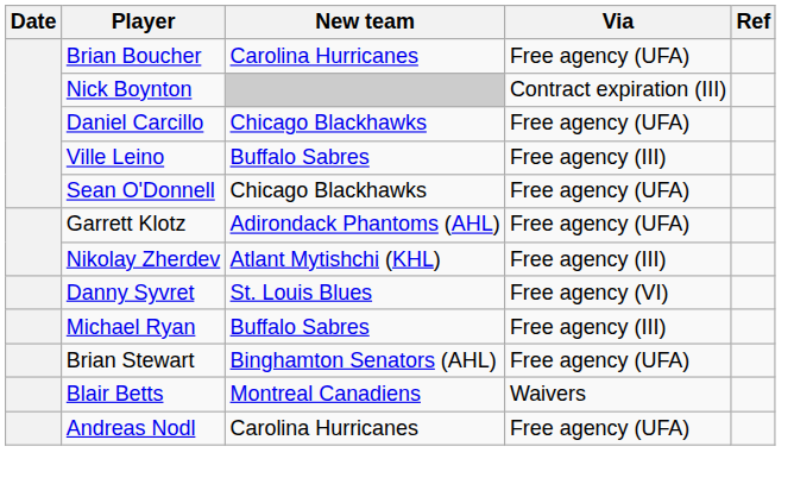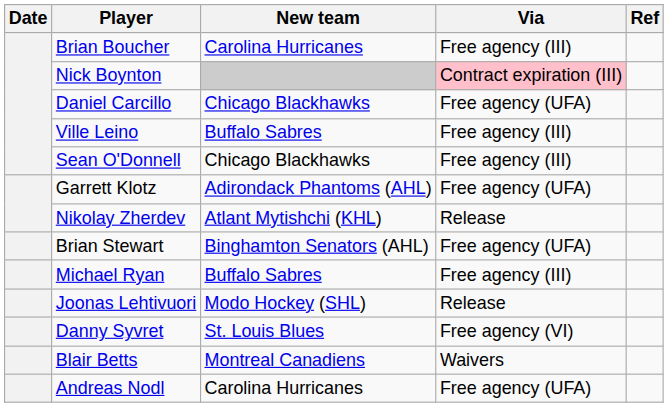 <table class="wikitable plainrowheaders">
 <tr style="background:#ddd; text-align:center;">
 <th>Date</th>
 <th>Player</th>
 <th>New team</th>
 <th>Via</th>
 <th>Ref</th>
 </tr>
 <tr>
 <th scope="row" rowspan=5></th>
 <td><a href='#'>Brian Boucher</a></td>
 <td><a href='#'>Carolina Hurricanes</a></td>
-<td>Free agency (UFA)</td>
+<td>Free agency (III)</td>
 <td></td>
 </tr>
 <tr>
 <td><a href='#'>Nick Boynton</a></td>
 <td style="background:#ccc"></td>
-<td>Contract expiration (III)</td>
+<td style="background: pink;">Contract expiration (III)</td>
 <td></td>
 </tr>
 <tr>
 <td><a href='#'>Daniel Carcillo</a></td>
 <td><a href='#'>Chicago Blackhawks</a></td>
 <td>Free agency (UFA)</td>
 <td></td>
 </tr>
 <tr>
 <td><a href='#'>Ville Leino</a></td>
 <td><a href='#'>Buffalo Sabres</a></td>
 <td>Free agency (III)</td>
 <td></td>
 </tr>
 <tr>
 <td><a href='#'>Sean O'Donnell</a></td>
 <td>Chicago Blackhawks</td>
-<td>Free agency (UFA)</td>
+<td>Free agency (III)</td>
 <td></td>
 </tr>
 <tr>
 <th scope="row" rowspan=2></th>
 <td>Garrett Klotz</td>
 <td><a href='#'>Adirondack Phantoms</a> (<a href='#'>AHL</a>)</td>
 <td>Free agency (UFA)</td>
 <td></td>
 </tr>
 <tr>
 <td><a href='#'>Nikolay Zherdev</a></td>
 <td><a href='#'>Atlant Mytishchi</a> (<a href='#'>KHL</a>)</td>
-<td>Free agency (III)</td>
+<td>Release</td>
 <td></td>
 </tr>
 <tr>
 <th scope="row"></th>
-<td><a href='#'>Danny Syvret</a></td>
-<td><a href='#'>St. Louis Blues</a></td>
-<td>Free agency (VI)</td>
+<td>Brian Stewart</td>
+<td><a href='#'>Binghamton Senators</a> (AHL)</td>
+<td>Free agency (UFA)</td>
 <td></td>
 </tr>
 <tr>
 <th scope="row"></th>
 <td><a href='#'>Michael Ryan</a></td>
 <td><a href='#'>Buffalo Sabres</a></td>
 <td>Free agency (III)</td>
 <td></td>
 </tr>
 <tr>
 <th scope="row"></th>
-<td>Brian Stewart</td>
-<td><a href='#'>Binghamton Senators</a> (AHL)</td>
-<td>Free agency (UFA)</td>
+<td><a href='#'>Joonas Lehtivuori</a></td>
+<td><a href='#'>Modo Hockey</a> (<a href='#'>SHL</a>)</td>
+<td>Release</td>
+<td></td>
+</tr>
+<tr>
+<th scope="row"></th>
+<td><a href='#'>Danny Syvret</a></td>
+<td><a href='#'>St. Louis Blues</a></td>
+<td>Free agency (VI)</td>
 <td></td>
 </tr>
 <tr>
 <th scope="row"></th>
 <td><a href='#'>Blair Betts</a></td>
 <td><a href='#'>Montreal Canadiens</a></td>
 <td>Waivers</td>
 <td></td>
 </tr>
 <tr>
 <th scope="row"></th>
 <td><a href='#'>Andreas Nodl</a></td>
 <td>Carolina Hurricanes</td>
 <td>Free agency (UFA)</td>
 <td></td>
 </tr>
 </table>
